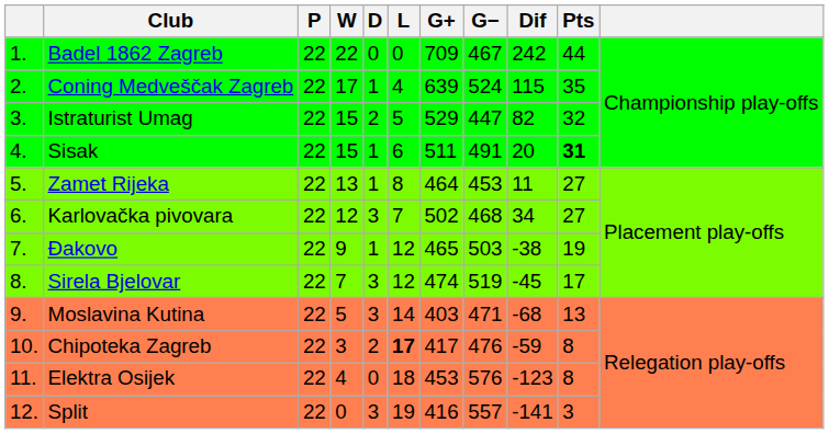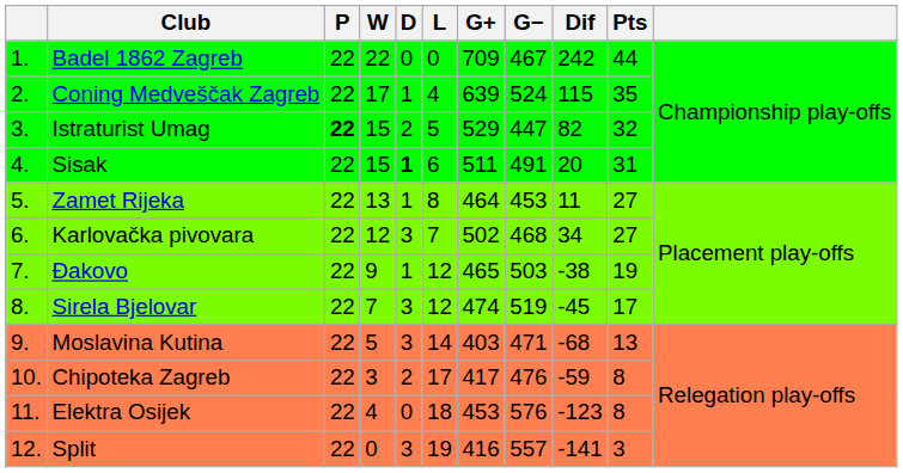 <table class="wikitable sortable">
 <tr>
 <th></th>
 <th>Club</th>
 <th>P</th>
 <th>W</th>
 <th>D</th>
 <th>L</th>
 <th>G+</th>
 <th>G−</th>
 <th>Dif</th>
 <th>Pts</th>
 <th></th>
 </tr>
 <tr bgcolor="lime">
 <td>1.</td>
 <td><a href='#'>Badel 1862 Zagreb</a></td>
 <td>22</td>
 <td>22</td>
 <td>0</td>
 <td>0</td>
 <td>709</td>
 <td>467</td>
 <td>242</td>
 <td>44</td>
 <td rowspan="4">Championship play-offs</td>
 </tr>
 <tr bgcolor="lime">
 <td>2.</td>
 <td><a href='#'>Coning Medveščak Zagreb</a></td>
 <td>22</td>
 <td>17</td>
 <td>1</td>
 <td>4</td>
 <td>639</td>
 <td>524</td>
 <td>115</td>
 <td>35</td>
 </tr>
 <tr bgcolor="lime">
 <td>3.</td>
 <td>Istraturist Umag</td>
-<td>22</td>
+<td><strong>22</strong></td>
 <td>15</td>
 <td>2</td>
 <td>5</td>
 <td>529</td>
 <td>447</td>
 <td>82</td>
 <td>32</td>
 </tr>
 <tr bgcolor="lime">
 <td>4.</td>
 <td>Sisak</td>
 <td>22</td>
 <td>15</td>
-<td>1</td>
+<td><strong>1</strong></td>
 <td>6</td>
 <td>511</td>
 <td>491</td>
 <td>20</td>
-<td><strong>31</strong></td>
+<td>31</td>
 </tr>
 <tr bgcolor="lawngreen">
 <td>5.</td>
 <td><a href='#'>Zamet Rijeka</a></td>
 <td>22</td>
 <td>13</td>
 <td>1</td>
 <td>8</td>
 <td>464</td>
 <td>453</td>
 <td>11</td>
 <td>27</td>
 <td rowspan="4">Placement play-offs</td>
 </tr>
 <tr bgcolor="lawngreen">
 <td>6.</td>
 <td>Karlovačka pivovara</td>
 <td>22</td>
 <td>12</td>
 <td>3</td>
 <td>7</td>
 <td>502</td>
 <td>468</td>
 <td>34</td>
 <td>27</td>
 </tr>
 <tr bgcolor="lawngreen">
 <td>7.</td>
 <td><a href='#'>Đakovo</a></td>
 <td>22</td>
 <td>9</td>
 <td>1</td>
 <td>12</td>
 <td>465</td>
 <td>503</td>
 <td>-38</td>
 <td>19</td>
 </tr>
 <tr bgcolor="lawngreen">
 <td>8.</td>
 <td><a href='#'>Sirela Bjelovar</a></td>
 <td>22</td>
 <td>7</td>
 <td>3</td>
 <td>12</td>
 <td>474</td>
 <td>519</td>
 <td>-45</td>
 <td>17</td>
 </tr>
 <tr bgcolor="coral">
 <td>9.</td>
 <td>Moslavina Kutina</td>
 <td>22</td>
 <td>5</td>
 <td>3</td>
 <td>14</td>
 <td>403</td>
 <td>471</td>
 <td>-68</td>
 <td>13</td>
 <td rowspan="4">Relegation play-offs</td>
 </tr>
 <tr bgcolor="coral">
 <td>10.</td>
 <td>Chipoteka Zagreb</td>
 <td>22</td>
 <td>3</td>
 <td>2</td>
-<td><strong>17</strong></td>
+<td>17</td>
 <td>417</td>
 <td>476</td>
 <td>-59</td>
 <td>8</td>
 </tr>
 <tr bgcolor="coral">
 <td>11.</td>
 <td>Elektra Osijek</td>
 <td>22</td>
 <td>4</td>
 <td>0</td>
 <td>18</td>
 <td>453</td>
 <td>576</td>
 <td>-123</td>
 <td>8</td>
 </tr>
 <tr bgcolor="coral">
 <td>12.</td>
 <td>Split</td>
 <td>22</td>
 <td>0</td>
 <td>3</td>
 <td>19</td>
 <td>416</td>
 <td>557</td>
 <td>-141</td>
 <td>3</td>
 </tr>
 </table>
